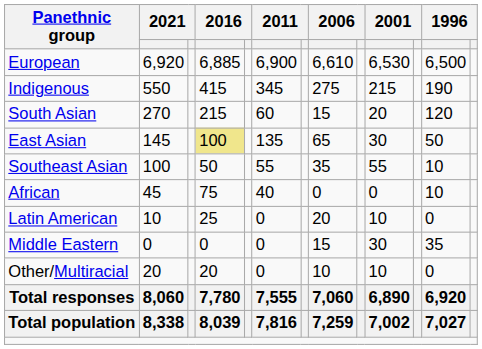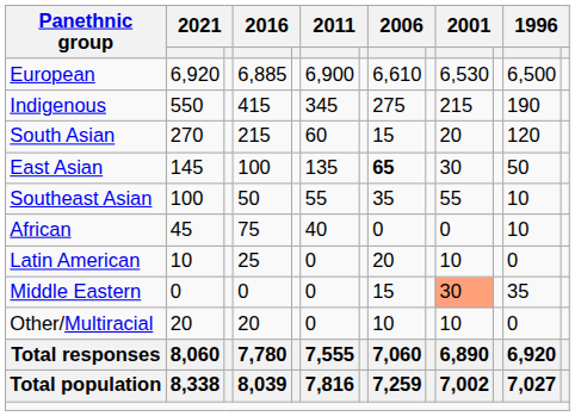 <table class="wikitable collapsible sortable">
 <tr>
 <th rowspan="2"><a href='#'>Panethnic</a><br>group</th>
 <th colspan="2">2021</th>
 <th colspan="2">2016</th>
 <th colspan="2">2011</th>
 <th colspan="2">2006</th>
 <th colspan="2">2001</th>
 <th colspan="2">1996</th>
 </tr>
 <tr>
 <th><a href='#'></a></th>
 <th></th>
 <th></th>
 <th></th>
 <th></th>
 <th></th>
 <th></th>
 <th></th>
 <th></th>
 <th></th>
 <th></th>
 <th></th>
 </tr>
 <tr>
 <td><a href='#'>European</a></td>
 <td>6,920</td>
 <td></td>
 <td>6,885</td>
 <td></td>
 <td>6,900</td>
 <td></td>
 <td>6,610</td>
 <td></td>
 <td>6,530</td>
 <td></td>
 <td>6,500</td>
 <td></td>
 </tr>
 <tr>
 <td><a href='#'>Indigenous</a></td>
 <td>550</td>
 <td></td>
 <td>415</td>
 <td></td>
 <td>345</td>
 <td></td>
 <td>275</td>
 <td></td>
 <td>215</td>
 <td></td>
 <td>190</td>
 <td></td>
 </tr>
 <tr>
 <td><a href='#'>South Asian</a></td>
 <td>270</td>
 <td></td>
 <td>215</td>
 <td></td>
 <td>60</td>
 <td></td>
 <td>15</td>
 <td></td>
 <td>20</td>
 <td></td>
 <td>120</td>
 <td></td>
 </tr>
 <tr>
 <td><a href='#'>East Asian</a></td>
 <td>145</td>
 <td></td>
-<td style="background: khaki;">100</td>
+<td>100</td>
 <td></td>
 <td>135</td>
 <td></td>
-<td>65</td>
+<td><strong>65</strong></td>
 <td></td>
 <td>30</td>
 <td></td>
 <td>50</td>
 <td></td>
 </tr>
 <tr>
 <td><a href='#'>Southeast Asian</a></td>
 <td>100</td>
 <td></td>
 <td>50</td>
 <td></td>
 <td>55</td>
 <td></td>
 <td>35</td>
 <td></td>
 <td>55</td>
 <td></td>
 <td>10</td>
 <td></td>
 </tr>
 <tr>
 <td><a href='#'>African</a></td>
 <td>45</td>
 <td></td>
 <td>75</td>
 <td></td>
 <td>40</td>
 <td></td>
 <td>0</td>
 <td></td>
 <td>0</td>
 <td></td>
 <td>10</td>
 <td></td>
 </tr>
 <tr>
 <td><a href='#'>Latin American</a></td>
 <td>10</td>
 <td></td>
 <td>25</td>
 <td></td>
 <td>0</td>
 <td></td>
 <td>20</td>
 <td></td>
 <td>10</td>
 <td></td>
 <td>0</td>
 <td></td>
 </tr>
 <tr>
 <td><a href='#'>Middle Eastern</a></td>
 <td>0</td>
 <td></td>
 <td>0</td>
 <td></td>
 <td>0</td>
 <td></td>
 <td>15</td>
 <td></td>
-<td>30</td>
+<td style="background: lightsalmon;">30</td>
 <td></td>
 <td>35</td>
 <td></td>
 </tr>
 <tr>
 <td>Other/<a href='#'>Multiracial</a></td>
 <td>20</td>
 <td></td>
 <td>20</td>
 <td></td>
 <td>0</td>
 <td></td>
 <td>10</td>
 <td></td>
 <td>10</td>
 <td></td>
 <td>0</td>
 <td></td>
 </tr>
 <tr>
 <th>Total responses</th>
 <th>8,060</th>
 <th></th>
 <th>7,780</th>
 <th></th>
 <th>7,555</th>
 <th></th>
 <th>7,060</th>
 <th></th>
 <th>6,890</th>
 <th></th>
 <th>6,920</th>
 <th></th>
 </tr>
 <tr>
 <th>Total population</th>
 <th>8,338</th>
 <th></th>
 <th>8,039</th>
 <th></th>
 <th>7,816</th>
 <th></th>
 <th>7,259</th>
 <th></th>
 <th>7,002</th>
 <th></th>
 <th>7,027</th>
 <th></th>
 </tr>
 <tr class="sortbottom">
 <td colspan="15"></td>
 </tr>
 </table>
